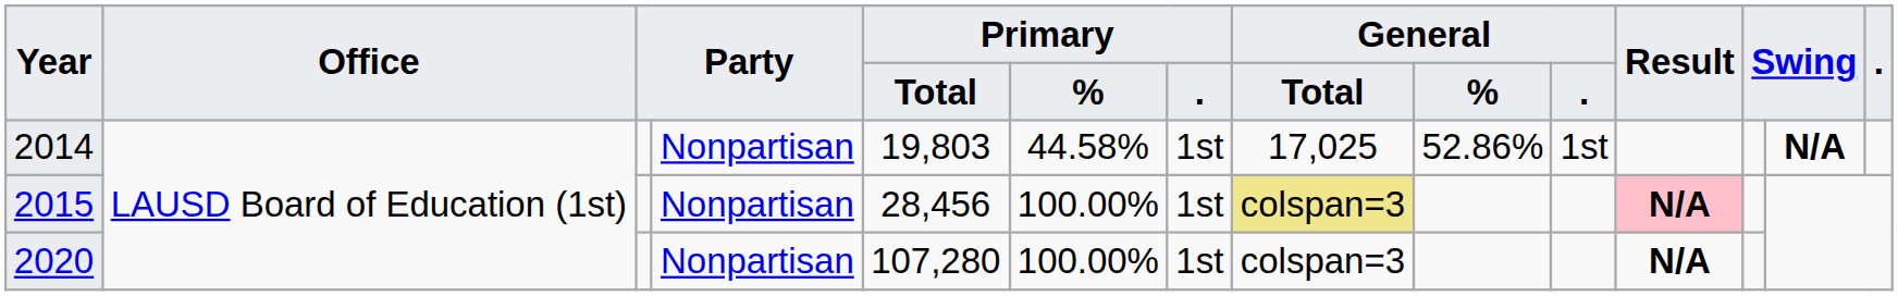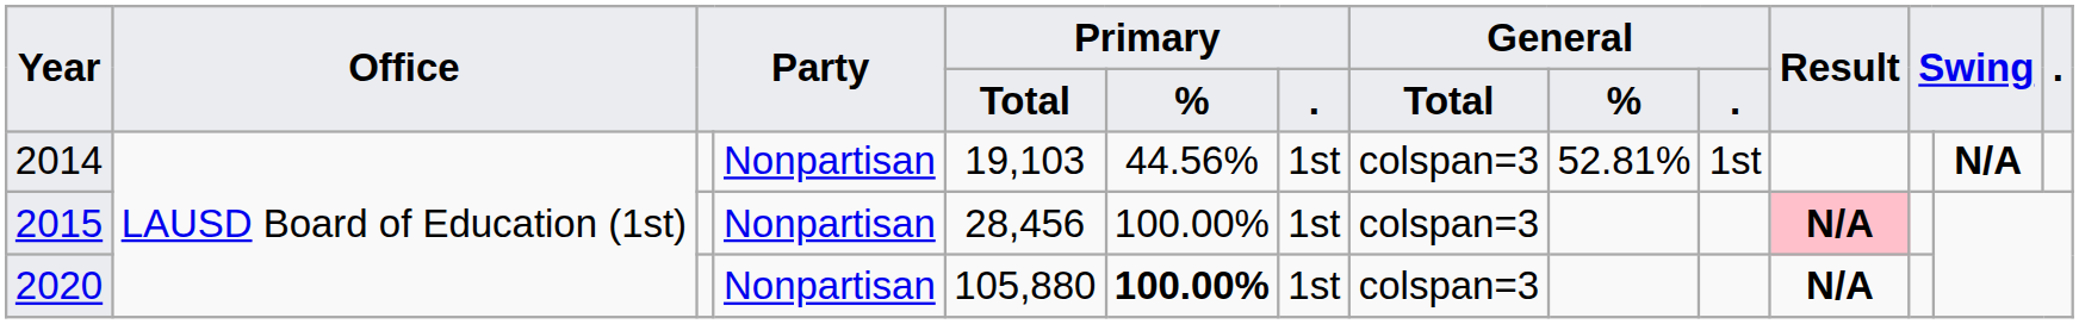 <table class="wikitable" style="font-size:90%; text-align:center;">
 <tr>
 <th style="background-color:#EAECF0;" rowspan=2>Year</th>
 <th style="background-color:#EAECF0;" rowspan=2>Office</th>
 <th style="background-color:#EAECF0;" colspan=2 rowspan=2>Party</th>
 <th style="background-color:#EAECF0;" colspan=3>Primary</th>
 <th style="background-color:#EAECF0;" colspan=3>General</th>
 <th style="background-color:#EAECF0;" rowspan=2>Result</th>
 <th style="background-color:#EAECF0;" colspan=2 rowspan=2><a href='#'>Swing</a></th>
 <th style="background-color:#EAECF0;" rowspan=2>.</th>
 </tr>
 <tr>
 <th style="background-color:#EAECF0;">Total</th>
 <th style="background-color:#EAECF0;">%</th>
 <th style="background-color:#EAECF0;">.</th>
 <th style="background-color:#EAECF0;">Total</th>
 <th style="background-color:#EAECF0;">%</th>
 <th style="background-color:#EAECF0;">.</th>
 </tr>
 <tr>
 <td style="background-color:#EAECF0;">2014</td>
 <td rowspan=3><a href='#'>LAUSD</a> Board of Education (1st)</td>
 <td style="background-color:"></td>
 <td><a href='#'>Nonpartisan</a></td>
-<td>19,803</td>
-<td>44.58%</td>
+<td>19,103</td>
+<td>44.56%</td>
 <td>1st</td>
-<td>17,025</td>
-<td>52.86%</td>
+<td>colspan=3 </td>
+<td>52.81%</td>
 <td>1st</td>
 <td></td>
 <td style="background-color:"></td>
 <td><strong>N/A</strong></td>
 <td></td>
 </tr>
 <tr>
 <td style="background-color:#EAECF0;"><a href='#'>2015</a></td>
 <td style="background-color:"></td>
 <td><a href='#'>Nonpartisan</a></td>
 <td>28,456</td>
 <td>100.00%</td>
 <td>1st</td>
-<td style="background: khaki;">colspan=3 </td>
+<td>colspan=3 </td>
 <td></td>
 <td style="background-color:"></td>
 <td style="background: pink;"><strong>N/A</strong></td>
 <td></td>
 </tr>
 <tr>
 <td style="background-color:#EAECF0;"><a href='#'>2020</a></td>
 <td style="background-color:"></td>
 <td><a href='#'>Nonpartisan</a></td>
-<td>107,280</td>
-<td>100.00%</td>
+<td>105,880</td>
+<td><strong>100.00%</strong></td>
 <td>1st</td>
 <td>colspan=3 </td>
 <td></td>
 <td style="background-color:"></td>
 <td><strong>N/A</strong></td>
 <td></td>
 </tr>
 </table>
